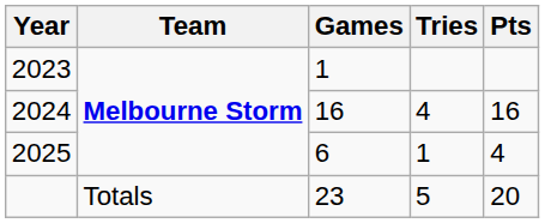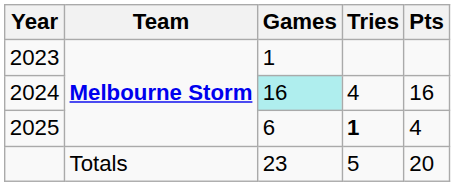 <table class="wikitable">
 <tr>
 <th>Year</th>
 <th>Team</th>
 <th>Games</th>
 <th>Tries</th>
 <th>Pts</th>
 </tr>
 <tr>
 <td>2023</td>
 <td rowspan="3"> <strong><a href='#'>Melbourne Storm</a></strong></td>
 <td>1</td>
 <td></td>
 <td></td>
 </tr>
 <tr>
 <td>2024</td>
-<td>16</td>
+<td style="background: paleturquoise;">16</td>
 <td>4</td>
 <td>16</td>
 </tr>
 <tr>
 <td>2025</td>
 <td>6</td>
-<td>1</td>
+<td><strong>1</strong></td>
 <td>4</td>
 </tr>
 <tr>
 <td></td>
 <td>Totals</td>
 <td>23</td>
 <td>5</td>
 <td>20</td>
 </tr>
 </table>
